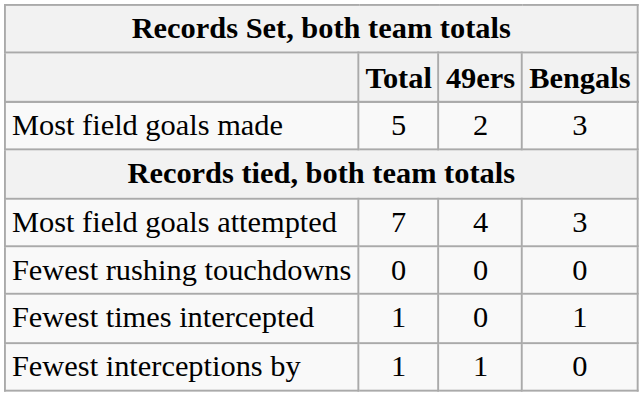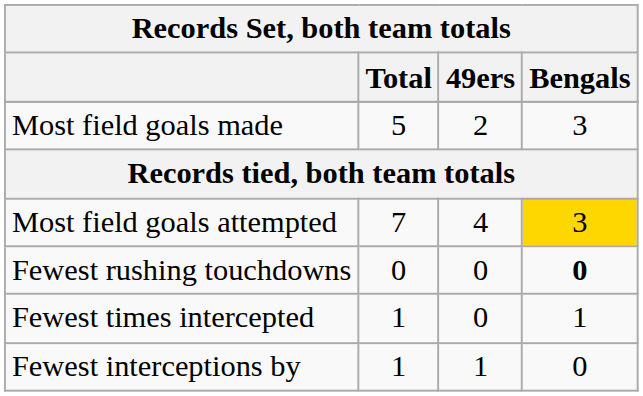 <table class="wikitable">
 <tr>
 <th colspan=4>Records Set, both team totals</th>
 </tr>
 <tr>
 <th></th>
 <th>Total</th>
 <th>49ers</th>
 <th>Bengals</th>
 </tr>
 <tr>
 </tr>
 <tr align=center>
 <td align=left>Most field goals made</td>
 <td>5</td>
 <td>2</td>
 <td>3</td>
 </tr>
 <tr>
 <th colspan=4>Records tied, both team totals</th>
 </tr>
 <tr align=center>
 <td align=left>Most field goals attempted</td>
 <td>7</td>
 <td>4</td>
-<td>3</td>
+<td style="background: gold;">3</td>
 </tr>
 <tr align=center>
 <td align=left>Fewest rushing touchdowns</td>
 <td>0</td>
 <td>0</td>
-<td>0</td>
+<td><strong>0</strong></td>
 </tr>
 <tr align=center>
 <td align=left>Fewest times intercepted</td>
 <td>1</td>
 <td>0</td>
 <td>1</td>
 </tr>
 <tr align=center>
 <td align=left>Fewest interceptions by</td>
 <td>1</td>
 <td>1</td>
 <td>0</td>
 </tr>
 </table>
